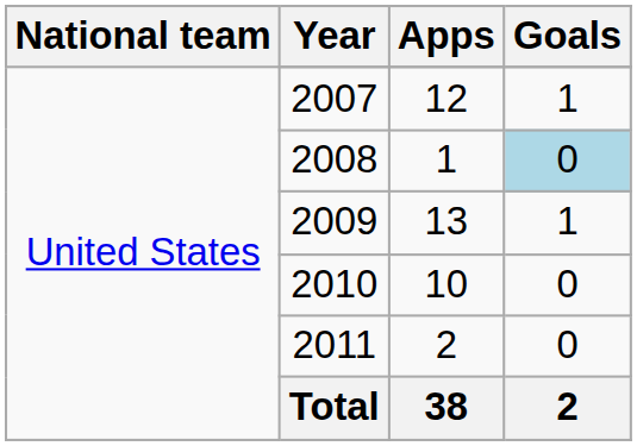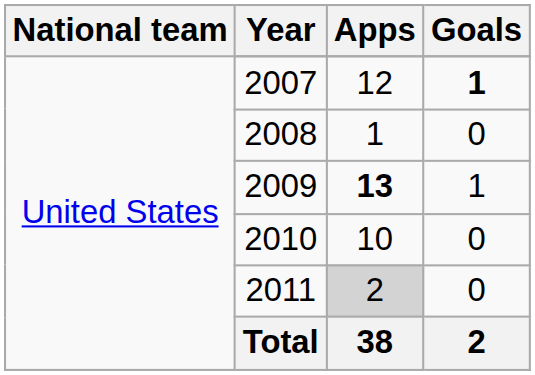 <table class="wikitable" style="text-align: center">
 <tr>
 <th>National team</th>
 <th>Year</th>
 <th>Apps</th>
 <th>Goals</th>
 </tr>
 <tr>
 <td rowspan="7"><a href='#'>United States</a></td>
 </tr>
 <tr>
 <td>2007</td>
 <td>12</td>
-<td>1</td>
+<td><strong>1</strong></td>
 </tr>
 <tr>
 <td>2008</td>
 <td>1</td>
-<td style="background: lightblue;">0</td>
+<td>0</td>
 </tr>
 <tr>
 <td>2009</td>
-<td>13</td>
+<td><strong>13</strong></td>
 <td>1</td>
 </tr>
 <tr>
 <td>2010</td>
 <td>10</td>
 <td>0</td>
 </tr>
 <tr>
 <td>2011</td>
-<td>2</td>
+<td style="background: lightgrey;">2</td>
 <td>0</td>
 </tr>
 <tr>
 <th>Total</th>
 <th>38</th>
 <th>2</th>
 </tr>
 </table>
